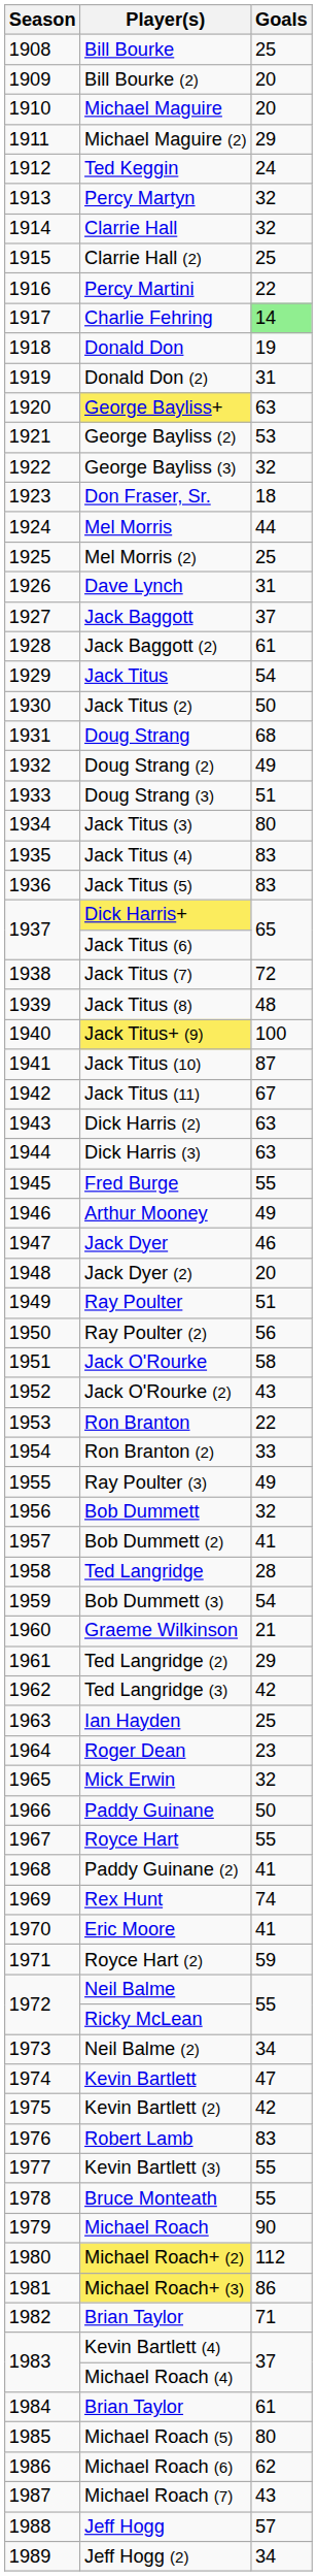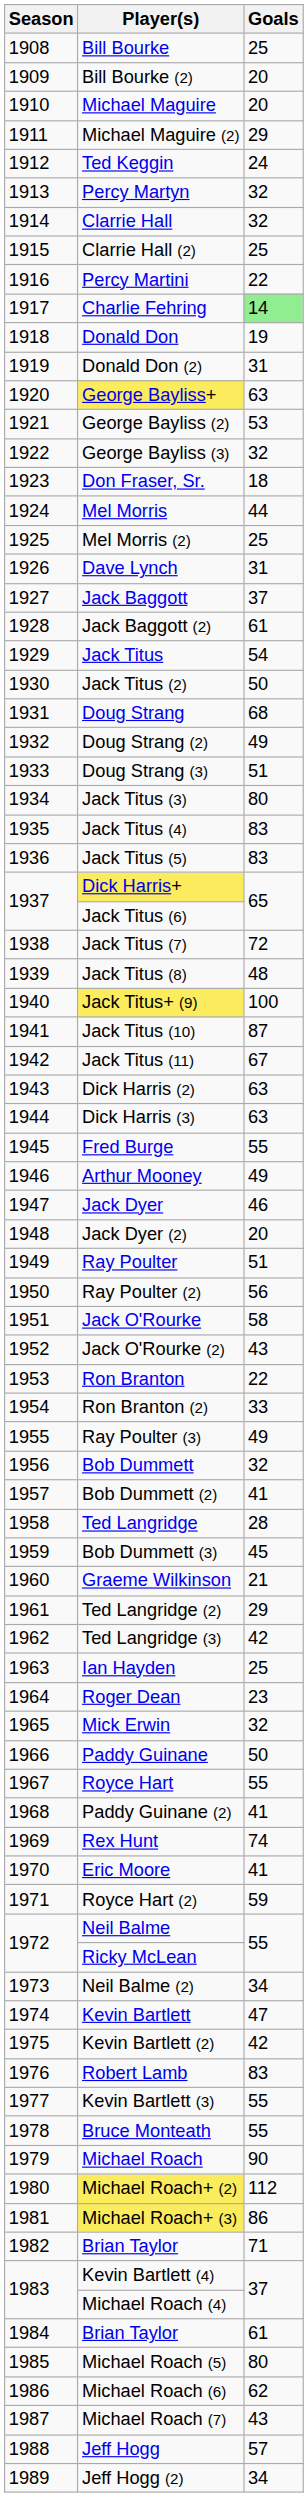 <table class="wikitable sortable" style="text-align:left">
 <tr>
 <th>Season</th>
 <th>Player(s)</th>
 <th>Goals</th>
 </tr>
 <tr>
 <td>1908</td>
 <td><a href='#'>Bill Bourke</a></td>
 <td>25</td>
 </tr>
 <tr>
 <td>1909</td>
 <td>Bill Bourke <small>(2)</small></td>
 <td>20</td>
 </tr>
 <tr>
 <td>1910</td>
 <td><a href='#'>Michael Maguire</a></td>
 <td>20</td>
 </tr>
 <tr>
 <td>1911</td>
 <td>Michael Maguire <small>(2)</small></td>
 <td>29</td>
 </tr>
 <tr>
 <td>1912</td>
 <td><a href='#'>Ted Keggin</a></td>
 <td>24</td>
 </tr>
 <tr>
 <td>1913</td>
 <td><a href='#'>Percy Martyn</a></td>
 <td>32</td>
 </tr>
 <tr>
 <td>1914</td>
 <td><a href='#'>Clarrie Hall</a></td>
 <td>32</td>
 </tr>
 <tr>
 <td>1915</td>
 <td>Clarrie Hall <small>(2)</small></td>
 <td>25</td>
 </tr>
 <tr>
 <td>1916</td>
 <td><a href='#'>Percy Martini</a></td>
 <td>22</td>
 </tr>
 <tr>
 <td>1917</td>
 <td><a href='#'>Charlie Fehring</a></td>
 <td style="background: lightgreen;">14</td>
 </tr>
 <tr>
 <td>1918</td>
 <td><a href='#'>Donald Don</a></td>
 <td>19</td>
 </tr>
 <tr>
 <td>1919</td>
 <td>Donald Don <small>(2)</small></td>
 <td>31</td>
 </tr>
 <tr>
 <td>1920</td>
 <td style="background-color:#FBEC5D"><a href='#'>George Bayliss</a>+</td>
 <td>63</td>
 </tr>
 <tr>
 <td>1921</td>
 <td>George Bayliss <small>(2)</small></td>
 <td>53</td>
 </tr>
 <tr>
 <td>1922</td>
 <td>George Bayliss <small>(3)</small></td>
 <td>32</td>
 </tr>
 <tr>
 <td>1923</td>
 <td><a href='#'>Don Fraser, Sr.</a></td>
 <td>18</td>
 </tr>
 <tr>
 <td>1924</td>
 <td><a href='#'>Mel Morris</a></td>
 <td>44</td>
 </tr>
 <tr>
 <td>1925</td>
 <td>Mel Morris <small>(2)</small></td>
 <td>25</td>
 </tr>
 <tr>
 <td>1926</td>
 <td><a href='#'>Dave Lynch</a></td>
 <td>31</td>
 </tr>
 <tr>
 <td>1927</td>
 <td><a href='#'>Jack Baggott</a></td>
 <td>37</td>
 </tr>
 <tr>
 <td>1928</td>
 <td>Jack Baggott <small>(2)</small></td>
 <td>61</td>
 </tr>
 <tr>
 <td>1929</td>
 <td><a href='#'>Jack Titus</a></td>
 <td>54</td>
 </tr>
 <tr>
 <td>1930</td>
 <td>Jack Titus <small>(2)</small></td>
 <td>50</td>
 </tr>
 <tr>
 <td>1931</td>
 <td><a href='#'>Doug Strang</a></td>
 <td>68</td>
 </tr>
 <tr>
 <td>1932</td>
 <td>Doug Strang <small>(2)</small></td>
 <td>49</td>
 </tr>
 <tr>
 <td>1933</td>
 <td>Doug Strang <small>(3)</small></td>
 <td>51</td>
 </tr>
 <tr>
 <td>1934</td>
 <td>Jack Titus <small>(3)</small></td>
 <td>80</td>
 </tr>
 <tr>
 <td>1935</td>
 <td>Jack Titus <small>(4)</small></td>
 <td>83</td>
 </tr>
 <tr>
 <td>1936</td>
 <td>Jack Titus <small>(5)</small></td>
 <td>83</td>
 </tr>
 <tr>
 <td rowspan="2">1937</td>
 <td style="background-color:#FBEC5D"><a href='#'>Dick Harris</a>+<br></td>
 <td rowspan="2">65</td>
 </tr>
 <tr>
 <td>Jack Titus <small>(6)</small></td>
 </tr>
 <tr>
 <td>1938</td>
 <td>Jack Titus <small>(7)</small></td>
 <td>72</td>
 </tr>
 <tr>
 <td>1939</td>
 <td>Jack Titus <small>(8)</small></td>
 <td>48</td>
 </tr>
 <tr>
 <td>1940</td>
 <td style="background-color:#FBEC5D">Jack Titus+ <small>(9)</small></td>
 <td>100</td>
 </tr>
 <tr>
 <td>1941</td>
 <td>Jack Titus <small>(10)</small></td>
 <td>87</td>
 </tr>
 <tr>
 <td>1942</td>
 <td>Jack Titus <small>(11)</small></td>
 <td>67</td>
 </tr>
 <tr>
 <td>1943</td>
 <td>Dick Harris <small>(2)</small></td>
 <td>63</td>
 </tr>
 <tr>
 <td>1944</td>
 <td>Dick Harris <small>(3)</small></td>
 <td>63</td>
 </tr>
 <tr>
 <td>1945</td>
 <td><a href='#'>Fred Burge</a></td>
 <td>55</td>
 </tr>
 <tr>
 <td>1946</td>
 <td><a href='#'>Arthur Mooney</a></td>
 <td>49</td>
 </tr>
 <tr>
 <td>1947</td>
 <td><a href='#'>Jack Dyer</a></td>
 <td>46</td>
 </tr>
 <tr>
 <td>1948</td>
 <td>Jack Dyer <small>(2)</small></td>
 <td>20</td>
 </tr>
 <tr>
 <td>1949</td>
 <td><a href='#'>Ray Poulter</a></td>
 <td>51</td>
 </tr>
 <tr>
 <td>1950</td>
 <td>Ray Poulter <small>(2)</small></td>
 <td>56</td>
 </tr>
 <tr>
 <td>1951</td>
 <td><a href='#'>Jack O'Rourke</a></td>
 <td>58</td>
 </tr>
 <tr>
 <td>1952</td>
 <td>Jack O'Rourke <small>(2)</small></td>
 <td>43</td>
 </tr>
 <tr>
 <td>1953</td>
 <td><a href='#'>Ron Branton</a></td>
 <td>22</td>
 </tr>
 <tr>
 <td>1954</td>
 <td>Ron Branton <small>(2)</small></td>
 <td>33</td>
 </tr>
 <tr>
 <td>1955</td>
 <td>Ray Poulter <small>(3)</small></td>
 <td>49</td>
 </tr>
 <tr>
 <td>1956</td>
 <td><a href='#'>Bob Dummett</a></td>
 <td>32</td>
 </tr>
 <tr>
 <td>1957</td>
 <td>Bob Dummett <small>(2)</small></td>
 <td>41</td>
 </tr>
 <tr>
 <td>1958</td>
 <td><a href='#'>Ted Langridge</a></td>
 <td>28</td>
 </tr>
 <tr>
 <td>1959</td>
 <td>Bob Dummett <small>(3)</small></td>
-<td>54</td>
+<td>45</td>
 </tr>
 <tr>
 <td>1960</td>
 <td><a href='#'>Graeme Wilkinson</a></td>
 <td>21</td>
 </tr>
 <tr>
 <td>1961</td>
 <td>Ted Langridge <small>(2)</small></td>
 <td>29</td>
 </tr>
 <tr>
 <td>1962</td>
 <td>Ted Langridge <small>(3)</small></td>
 <td>42</td>
 </tr>
 <tr>
 <td>1963</td>
 <td><a href='#'>Ian Hayden</a></td>
 <td>25</td>
 </tr>
 <tr>
 <td>1964</td>
 <td><a href='#'>Roger Dean</a></td>
 <td>23</td>
 </tr>
 <tr>
 <td>1965</td>
 <td><a href='#'>Mick Erwin</a></td>
 <td>32</td>
 </tr>
 <tr>
 <td>1966</td>
 <td><a href='#'>Paddy Guinane</a></td>
 <td>50</td>
 </tr>
 <tr>
 <td>1967</td>
 <td><a href='#'>Royce Hart</a></td>
 <td>55</td>
 </tr>
 <tr>
 <td>1968</td>
 <td>Paddy Guinane <small>(2)</small></td>
 <td>41</td>
 </tr>
 <tr>
 <td>1969</td>
 <td><a href='#'>Rex Hunt</a></td>
 <td>74</td>
 </tr>
 <tr>
 <td>1970</td>
 <td><a href='#'>Eric Moore</a></td>
 <td>41</td>
 </tr>
 <tr>
 <td>1971</td>
 <td>Royce Hart <small>(2)</small></td>
 <td>59</td>
 </tr>
 <tr>
 <td rowspan="2">1972</td>
 <td><a href='#'>Neil Balme</a></td>
 <td rowspan="2">55</td>
 </tr>
 <tr>
 <td><a href='#'>Ricky McLean</a></td>
 </tr>
 <tr>
 <td>1973</td>
 <td>Neil Balme <small>(2)</small></td>
 <td>34</td>
 </tr>
 <tr>
 <td>1974</td>
 <td><a href='#'>Kevin Bartlett</a></td>
 <td>47</td>
 </tr>
 <tr>
 <td>1975</td>
 <td>Kevin Bartlett <small>(2)</small></td>
 <td>42</td>
 </tr>
 <tr>
 <td>1976</td>
 <td><a href='#'>Robert Lamb</a></td>
 <td>83</td>
 </tr>
 <tr>
 <td>1977</td>
 <td>Kevin Bartlett <small>(3)</small></td>
 <td>55</td>
 </tr>
 <tr>
 <td>1978</td>
 <td><a href='#'>Bruce Monteath</a></td>
 <td>55</td>
 </tr>
 <tr>
 <td>1979</td>
 <td><a href='#'>Michael Roach</a></td>
 <td>90</td>
 </tr>
 <tr>
 <td>1980</td>
 <td style="background-color:#FBEC5D">Michael Roach+ <small>(2)</small></td>
 <td>112</td>
 </tr>
 <tr>
 <td>1981</td>
 <td style="background-color:#FBEC5D">Michael Roach+ <small>(3)</small></td>
 <td>86</td>
 </tr>
 <tr>
 <td>1982</td>
 <td><a href='#'>Brian Taylor</a></td>
 <td>71</td>
 </tr>
 <tr>
 <td rowspan="2">1983</td>
 <td>Kevin Bartlett <small>(4)</small></td>
 <td rowspan="2">37</td>
 </tr>
 <tr>
 <td>Michael Roach <small>(4)</small></td>
 </tr>
 <tr>
 <td>1984</td>
 <td><a href='#'>Brian Taylor</a></td>
 <td>61</td>
 </tr>
 <tr>
 <td>1985</td>
 <td>Michael Roach <small>(5)</small></td>
 <td>80</td>
 </tr>
 <tr>
 <td>1986</td>
 <td>Michael Roach <small>(6)</small></td>
 <td>62</td>
 </tr>
 <tr>
 <td>1987</td>
 <td>Michael Roach <small>(7)</small></td>
 <td>43</td>
 </tr>
 <tr>
 <td>1988</td>
 <td><a href='#'>Jeff Hogg</a></td>
 <td>57</td>
 </tr>
 <tr>
 <td>1989</td>
 <td>Jeff Hogg <small>(2)</small></td>
 <td>34</td>
 </tr>
 </table>
